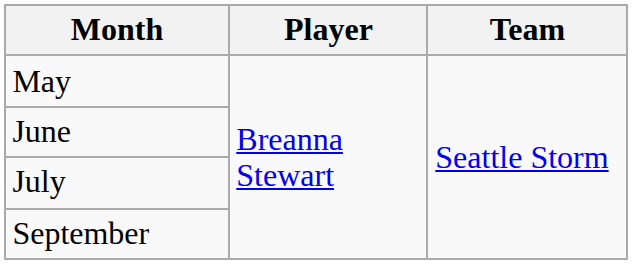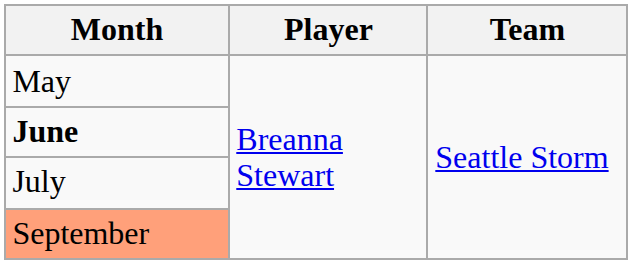 <table class="wikitable" style="width: 50%">
 <tr>
 <th width=60>Month</th>
 <th width=60>Player</th>
 <th width=60>Team</th>
 </tr>
 <tr>
 <td>May</td>
 <td rowspan="4"><a href='#'>Breanna Stewart</a> </td>
 <td rowspan="4"><a href='#'>Seattle Storm</a></td>
 </tr>
 <tr>
-<td>June</td>
+<td><strong>June</strong></td>
 </tr>
 <tr>
 <td>July</td>
 </tr>
 <tr>
-<td>September</td>
+<td style="background: lightsalmon;">September</td>
 </tr>
 </table>
